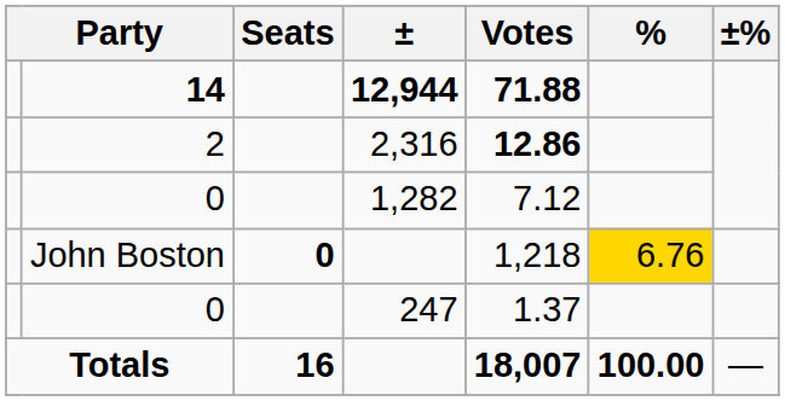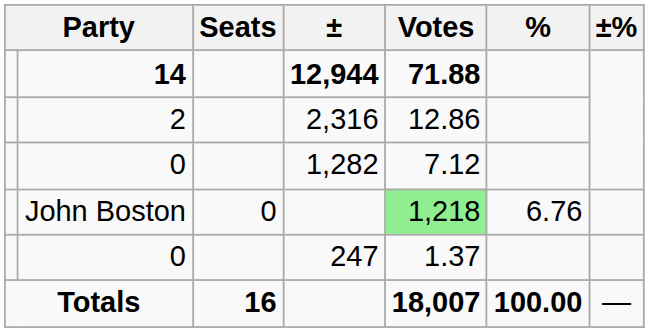 <table class=wikitable>
 <tr border=1 cellspacing=0 cellpadding=5>
 <th colspan=2 align=center>Party</th>
 <th valign=top>Seats</th>
 <th valign=top>±</th>
 <th valign=top>Votes</th>
 <th valign=top>%</th>
 <th valign=top>±%</th>
 </tr>
 <tr>
 <td></td>
 <td align=right><strong>14</strong></td>
 <td align=right></td>
 <td align=right><strong>12,944</strong></td>
 <td align=right><strong>71.88</strong></td>
 <td align=right></td>
 </tr>
 <tr>
 <td></td>
 <td align=right>2</td>
 <td align=right></td>
 <td align=right>2,316</td>
-<td align=right><strong>12.86</strong></td>
+<td align=right>12.86</td>
 <td align=right></td>
 </tr>
 <tr>
 <td></td>
 <td align=right>0</td>
 <td align=right></td>
 <td align=right>1,282</td>
 <td align=right>7.12</td>
 <td align=right></td>
 </tr>
 <tr>
 <td></td>
 <td>John Boston</td>
-<td align=right><strong>0</strong></td>
+<td align=right>0</td>
 <td align=right></td>
-<td align=right>1,218</td>
-<td align=right style="background: gold;">6.76</td>
+<td align=right style="background: lightgreen;">1,218</td>
+<td align=right>6.76</td>
 <td align=right></td>
 </tr>
 <tr>
 <td></td>
 <td align=right>0</td>
 <td align=right></td>
 <td align=right>247</td>
 <td align=right>1.37</td>
 <td align=right></td>
 </tr>
 <tr>
 <td colspan=2 align=center><strong>Totals</strong></td>
 <td align=right><strong>16</strong></td>
 <td align=center></td>
 <td align=right><strong>18,007</strong></td>
 <td align=center><strong>100.00</strong></td>
 <td align=center>—</td>
 </tr>
 </table>
